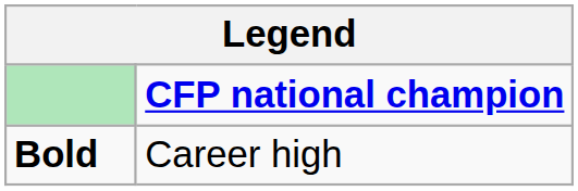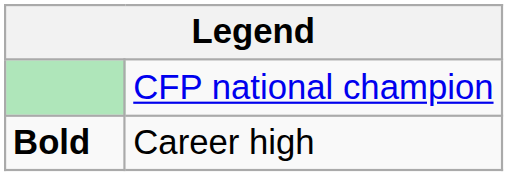 <table class="wikitable mw-collapsible">
 <tr>
 <th colspan="2">Legend</th>
 </tr>
 <tr>
 <td style="background:#afe6ba; width:3em;"></td>
-<td><strong><a href='#'>CFP national champion</a></strong></td>
+<td><a href='#'>CFP national champion</a></td>
 </tr>
 <tr>
 <td><strong>Bold</strong></td>
 <td>Career high</td>
 </tr>
 </table>
